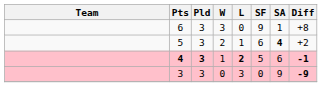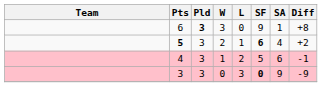 <table class=wikitable style="text-align:center">
 <tr>
 <th width=220>Team</th>
 <th width=20>Pts</th>
 <th width=20>Pld</th>
 <th width=20>W</th>
 <th width=20>L</th>
 <th width=20>SF</th>
 <th width=20>SA</th>
 <th width=20>Diff</th>
 </tr>
 <tr style="background: ccffcc">
 <td align=left></td>
 <td>6</td>
-<td>3</td>
+<td><strong>3</strong></td>
 <td>3</td>
 <td>0</td>
 <td>9</td>
 <td>1</td>
 <td>+8</td>
 </tr>
 <tr style="background: ccffcc">
 <td align=left></td>
-<td>5</td>
+<td><strong>5</strong></td>
 <td>3</td>
 <td>2</td>
 <td>1</td>
-<td>6</td>
-<td><strong>4</strong></td>
+<td><strong>6</strong></td>
+<td>4</td>
 <td>+2</td>
 </tr>
 <tr style="background: pink">
 <td align=left></td>
-<td><strong>4</strong></td>
-<td><strong>3</strong></td>
+<td>4</td>
+<td>3</td>
 <td>1</td>
-<td><strong>2</strong></td>
+<td>2</td>
 <td>5</td>
 <td>6</td>
-<td><strong>-1</strong></td>
+<td>-1</td>
 </tr>
 <tr style="background: pink">
 <td align=left></td>
 <td>3</td>
 <td>3</td>
 <td>0</td>
 <td>3</td>
-<td>0</td>
+<td><strong>0</strong></td>
 <td>9</td>
-<td><strong>-9</strong></td>
+<td>-9</td>
 </tr>
 <tr>
 </tr>
 </table>
